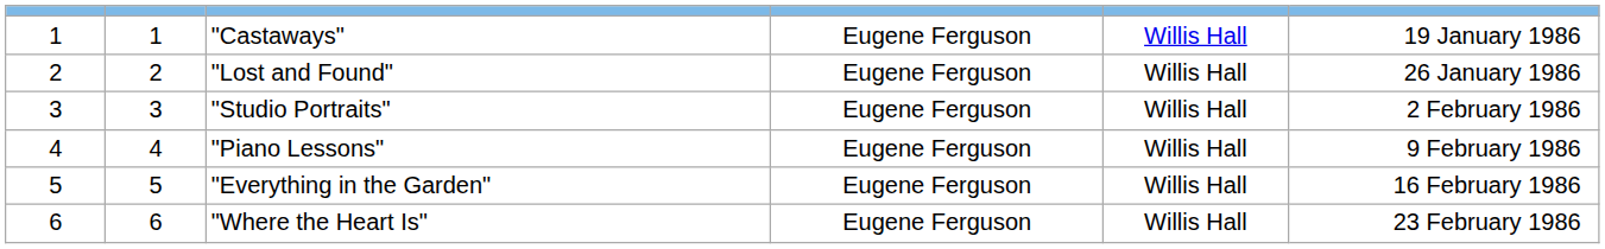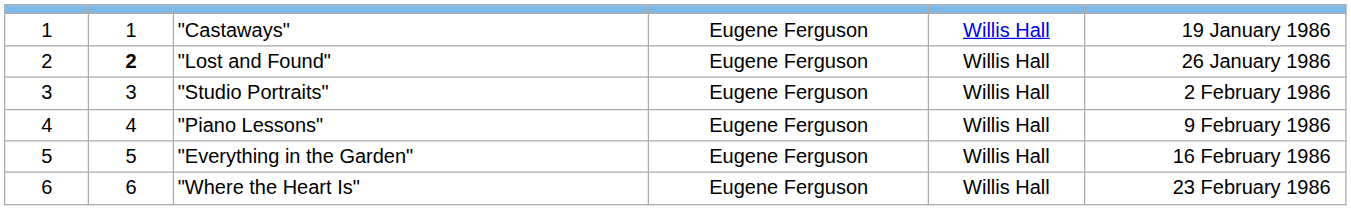 <table class="wikitable" style="width:85%; background:white">
 <tr>
 <td bgcolor=7CB9E8 align=center></td>
 <td bgcolor=7CB9E8 align=center></td>
 <td bgcolor=7CB9E8 align=center></td>
 <td bgcolor=7CB9E8 align=center></td>
 <td bgcolor=7CB9E8 align=center></td>
 <td bgcolor=7CB9E8 align=center></td>
 </tr>
 <tr>
 <td width=40px align=center>1</td>
 <td width=40px align=center>1</td>
 <td width=260px align=left>"Castaways"</td>
 <td width=150px align=center>Eugene Ferguson</td>
 <td width=80px align=center><a href='#'>Willis Hall</a></td>
 <td width=140px align=right>19 January 1986  </td>
 </tr>
 <tr>
 <td align=center>2</td>
-<td align=center>2</td>
+<td align=center><strong>2</strong></td>
 <td align=left>"Lost and Found"</td>
 <td align=center>Eugene Ferguson</td>
 <td align=center>Willis Hall</td>
 <td align=right>26 January 1986  </td>
 </tr>
 <tr>
 <td align=center>3</td>
 <td align=center>3</td>
 <td align=left>"Studio Portraits"</td>
 <td align=center>Eugene Ferguson</td>
 <td align=center>Willis Hall</td>
 <td align=right>2 February 1986  </td>
 </tr>
 <tr>
 <td align=center>4</td>
 <td align=center>4</td>
 <td align=left>"Piano Lessons"</td>
 <td align=center>Eugene Ferguson</td>
 <td align=center>Willis Hall</td>
 <td align=right>9 February 1986  </td>
 </tr>
 <tr>
 <td align=center>5</td>
 <td align=center>5</td>
 <td align=left>"Everything in the Garden"</td>
 <td align=center>Eugene Ferguson</td>
 <td align=center>Willis Hall</td>
 <td align=right>16 February 1986  </td>
 </tr>
 <tr>
 <td align=center>6</td>
 <td align=center>6</td>
 <td align=left>"Where the Heart Is"</td>
 <td align=center>Eugene Ferguson</td>
 <td align=center>Willis Hall</td>
 <td align=right>23 February 1986  </td>
 </tr>
 </table>
